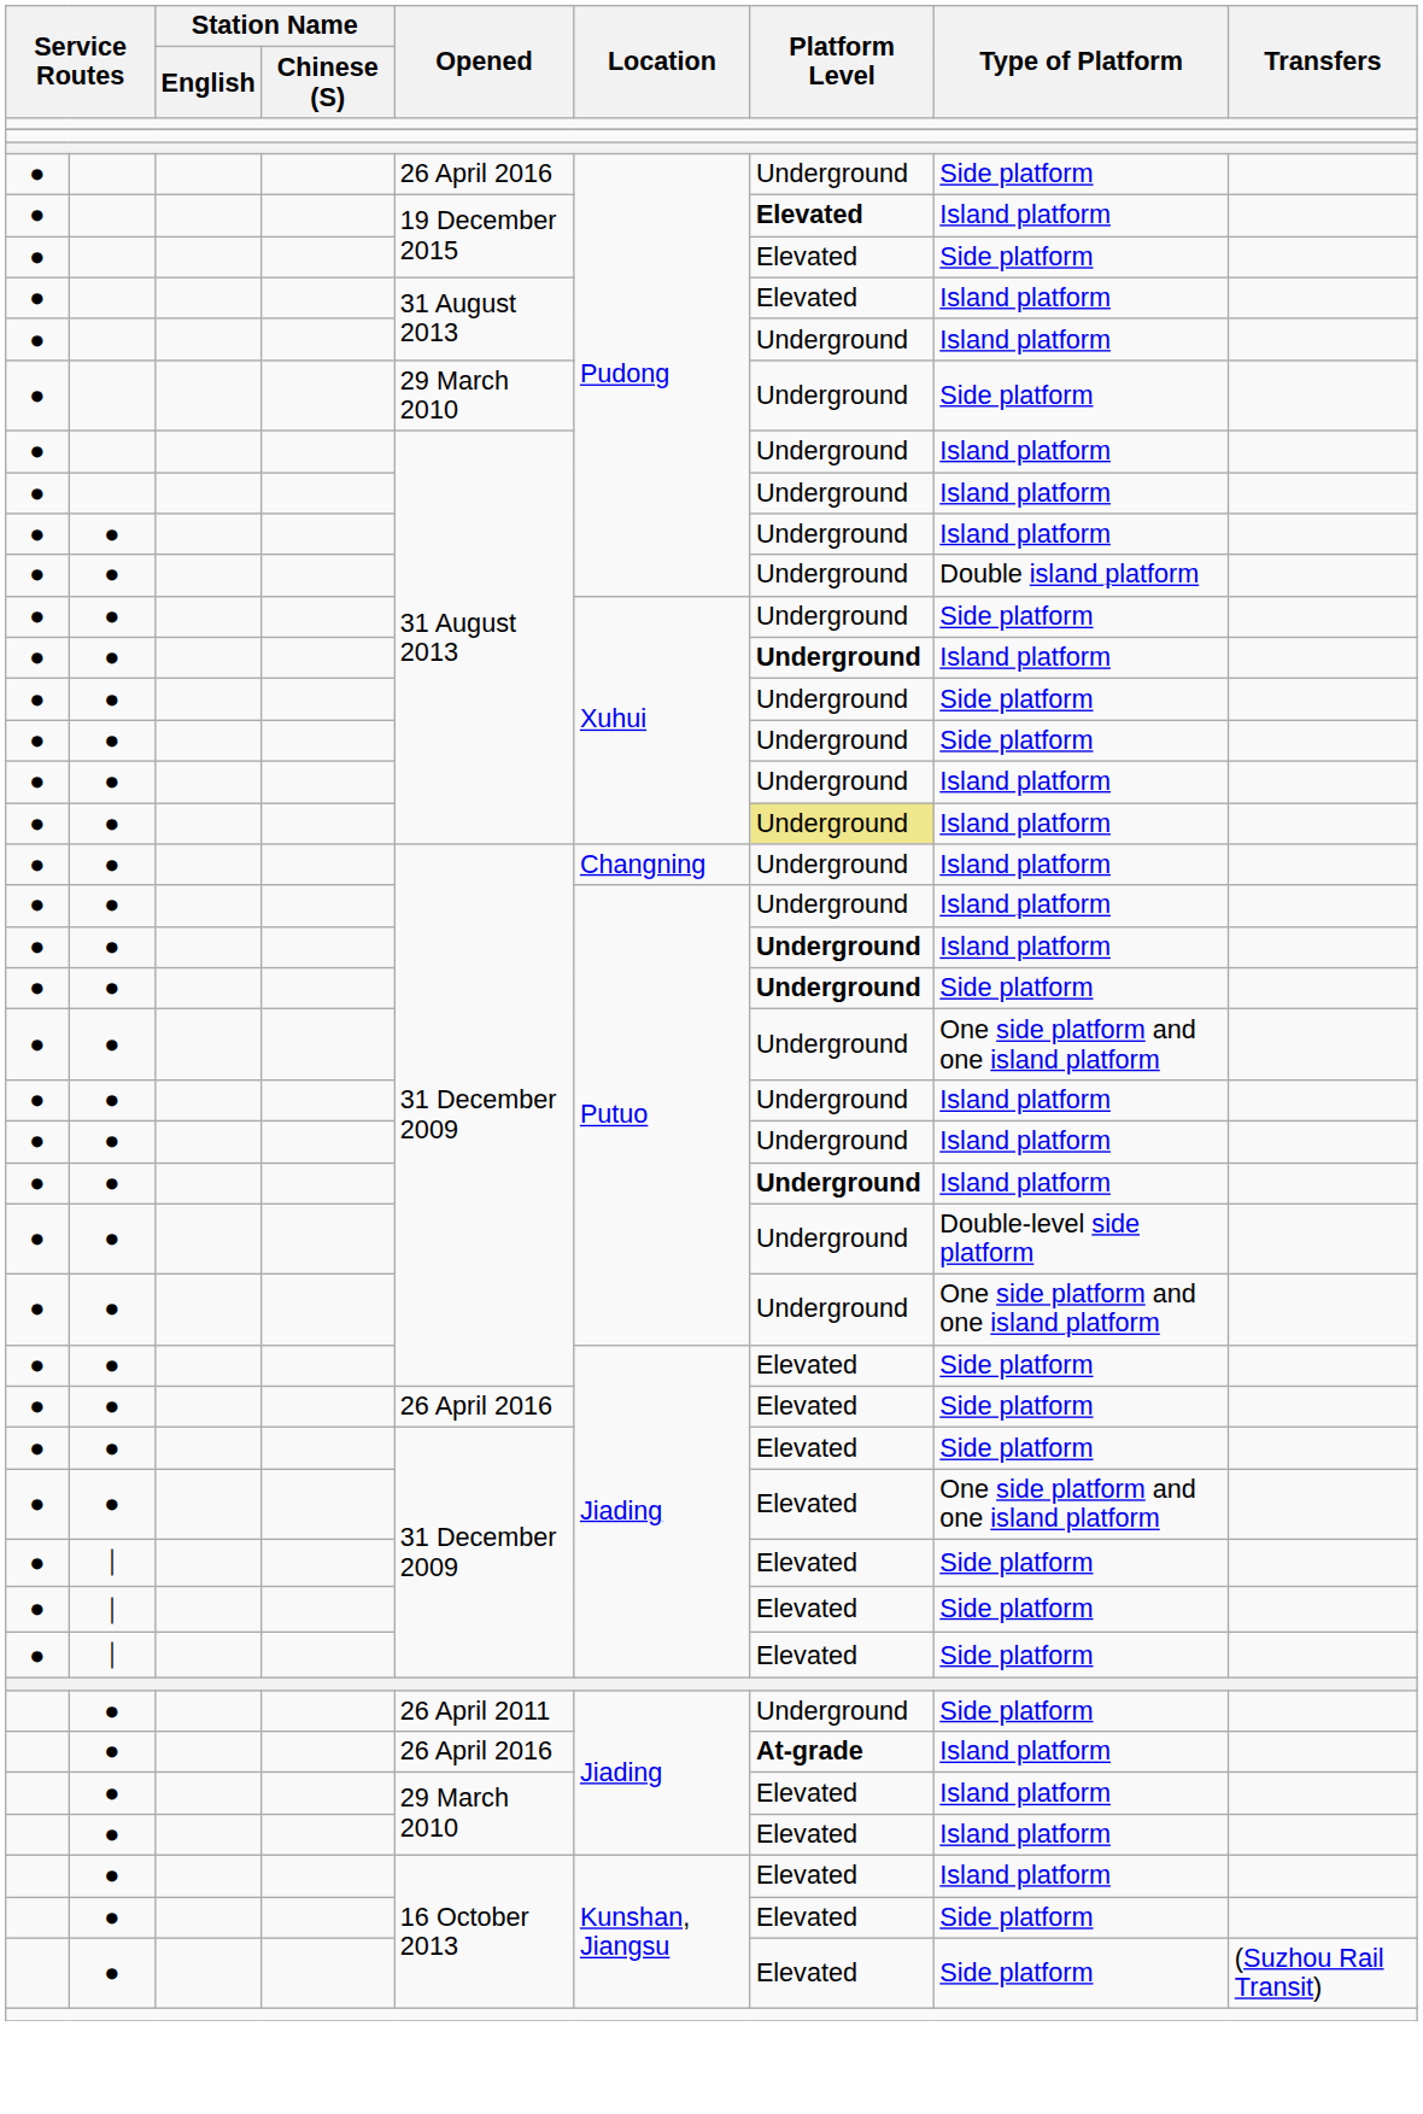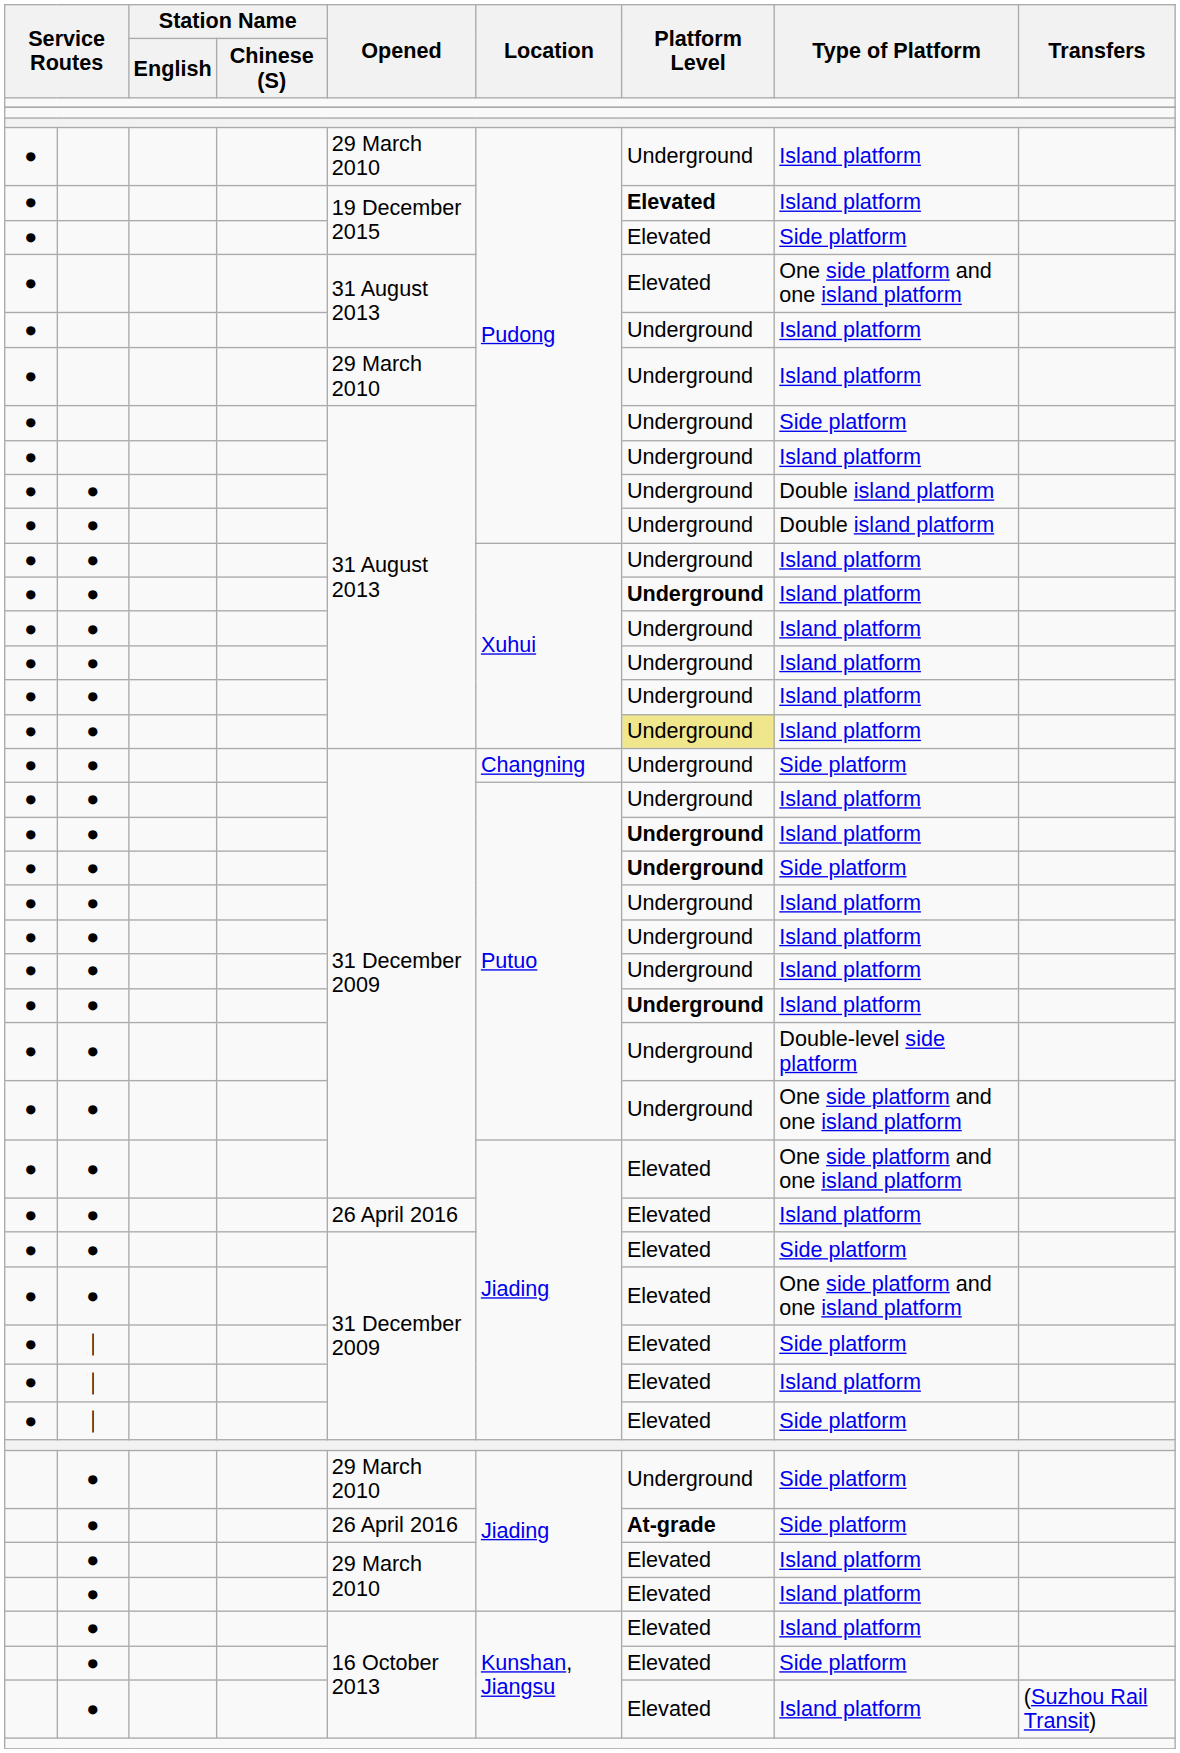 <table class=wikitable>
 <tr>
 <th colspan=2 rowspan=2 style="text-align:center;">Service Routes</th>
 <th colspan=2 style="text-align:center;">Station Name</th>
 <th rowspan=2>Opened</th>
 <th rowspan=2 style="text-align:center;">Location</th>
 <th rowspan=2>Platform Level</th>
 <th rowspan=2>Type of Platform</th>
 <th rowspan=2 style="text-align:center;">Transfers</th>
 </tr>
 <tr>
 <th>English</th>
 <th>Chinese (S)</th>
 </tr>
 <tr style=background:#>
 <td colspan=9></td>
 </tr>
 <tr>
 </tr>
 <tr style=height:0.25pt>
 <td colspan=9></td>
 </tr>
 <tr>
 <th colspan=9 style=background:#></th>
 </tr>
 <tr>
 <td align=center>●</td>
 <td align=center></td>
 <td></td>
 <td><span></span></td>
-<td>26 April 2016</td>
+<td>29 March 2010</td>
 <td rowspan=10><a href='#'>Pudong</a></td>
 <td>Underground</td>
-<td><a href='#'>Side platform</a></td>
+<td><a href='#'>Island platform</a></td>
 <td></td>
 </tr>
 <tr>
 <td align=center>●</td>
 <td align=center></td>
 <td></td>
 <td><span></span></td>
 <td rowspan=2>19 December 2015</td>
 <td><strong>Elevated</strong></td>
 <td><a href='#'>Island platform</a></td>
 <td></td>
 </tr>
 <tr>
 <td align=center>●</td>
 <td align=center></td>
 <td></td>
 <td><span></span></td>
 <td>Elevated</td>
 <td><a href='#'>Side platform</a></td>
 <td></td>
 </tr>
 <tr>
 <td align=center>●</td>
 <td align=center></td>
 <td></td>
 <td><span></span></td>
 <td rowspan=2>31 August 2013</td>
 <td>Elevated</td>
-<td><a href='#'>Island platform</a></td>
+<td>One <a href='#'>side platform</a> and one <a href='#'>island platform</a></td>
 <td></td>
 </tr>
 <tr>
 <td align=center>●</td>
 <td align=center></td>
 <td></td>
 <td><span></span></td>
 <td>Underground</td>
 <td><a href='#'>Island platform</a></td>
 <td></td>
 </tr>
 <tr>
 <td align=center>●</td>
 <td align=center></td>
 <td></td>
 <td><span></span></td>
 <td>29 March 2010</td>
 <td>Underground</td>
-<td><a href='#'>Side platform</a></td>
+<td><a href='#'>Island platform</a></td>
 <td></td>
 </tr>
 <tr>
 <td align=center>●</td>
 <td align=center></td>
 <td></td>
 <td><span></span></td>
 <td rowspan=10>31 August 2013</td>
 <td>Underground</td>
-<td><a href='#'>Island platform</a></td>
+<td><a href='#'>Side platform</a></td>
 <td></td>
 </tr>
 <tr>
 <td align=center>●</td>
 <td align=center></td>
-<td></td>
-<td><span></span></td>
-<td>Underground</td>
-<td><a href='#'>Island platform</a></td>
-<td></td>
-</tr>
-<tr>
-<td align=center>●</td>
-<td align=center>●</td>
 <td></td>
 <td><span></span></td>
 <td>Underground</td>
 <td><a href='#'>Island platform</a></td>
 <td></td>
 </tr>
 <tr>
 <td align=center>●</td>
 <td align=center>●</td>
 <td></td>
 <td><span></span></td>
 <td>Underground</td>
 <td>Double <a href='#'>island platform</a></td>
 <td></td>
 </tr>
 <tr>
 <td align=center>●</td>
 <td align=center>●</td>
 <td></td>
 <td><span></span></td>
+<td>Underground</td>
+<td>Double <a href='#'>island platform</a></td>
+<td></td>
+</tr>
+<tr>
+<td align=center>●</td>
+<td align=center>●</td>
+<td></td>
+<td><span></span></td>
 <td rowspan=6><a href='#'>Xuhui</a></td>
 <td>Underground</td>
-<td><a href='#'>Side platform</a></td>
+<td><a href='#'>Island platform</a></td>
 <td></td>
 </tr>
 <tr>
 <td align=center>●</td>
 <td align=center>●</td>
 <td></td>
 <td><span></span></td>
 <td><strong>Underground</strong></td>
 <td><a href='#'>Island platform</a></td>
 <td></td>
 </tr>
 <tr>
 <td align=center>●</td>
 <td align=center>●</td>
 <td></td>
 <td><span></span></td>
 <td>Underground</td>
-<td><a href='#'>Side platform</a></td>
+<td><a href='#'>Island platform</a></td>
 <td></td>
 </tr>
 <tr>
 <td align=center>●</td>
 <td align=center>●</td>
 <td></td>
 <td><span></span></td>
 <td>Underground</td>
-<td><a href='#'>Side platform</a></td>
+<td><a href='#'>Island platform</a></td>
 <td></td>
 </tr>
 <tr>
 <td align=center>●</td>
 <td align=center>●</td>
 <td></td>
 <td><span></span></td>
 <td>Underground</td>
 <td><a href='#'>Island platform</a></td>
 <td></td>
 </tr>
 <tr>
 <td align=center>●</td>
 <td align=center>●</td>
 <td></td>
 <td><span></span></td>
 <td style="background: khaki;">Underground</td>
 <td><a href='#'>Island platform</a></td>
 <td></td>
 </tr>
 <tr>
 <td align=center>●</td>
 <td align=center>●</td>
 <td></td>
 <td><span></span></td>
 <td rowspan=11>31 December 2009</td>
 <td><a href='#'>Changning</a></td>
 <td>Underground</td>
-<td><a href='#'>Island platform</a></td>
+<td><a href='#'>Side platform</a></td>
 <td></td>
 </tr>
 <tr>
 <td align=center>●</td>
 <td align=center>●</td>
 <td></td>
 <td><span></span></td>
 <td rowspan=9><a href='#'>Putuo</a></td>
 <td>Underground</td>
 <td><a href='#'>Island platform</a></td>
 <td></td>
 </tr>
 <tr>
 <td align=center>●</td>
 <td align=center>●</td>
 <td></td>
 <td><span></span></td>
 <td><strong>Underground</strong></td>
 <td><a href='#'>Island platform</a></td>
 <td> </td>
 </tr>
 <tr>
 <td align=center>●</td>
 <td align=center>●</td>
 <td></td>
 <td><span></span></td>
 <td><strong>Underground</strong></td>
 <td><a href='#'>Side platform</a></td>
 <td></td>
 </tr>
 <tr>
 <td align=center>●</td>
 <td align=center>●</td>
 <td></td>
 <td><span></span></td>
 <td>Underground</td>
-<td>One <a href='#'>side platform</a> and one <a href='#'>island platform</a></td>
+<td><a href='#'>Island platform</a></td>
 <td></td>
 </tr>
 <tr>
 <td align=center>●</td>
 <td align=center>●</td>
 <td></td>
 <td><span></span></td>
 <td>Underground</td>
 <td><a href='#'>Island platform</a></td>
 <td> </td>
 </tr>
 <tr>
 <td align=center>●</td>
 <td align=center>●</td>
 <td></td>
 <td><span></span></td>
 <td>Underground</td>
 <td><a href='#'>Island platform</a></td>
 <td></td>
 </tr>
 <tr>
 <td align=center>●</td>
 <td align=center>●</td>
 <td></td>
 <td><span></span></td>
 <td><strong>Underground</strong></td>
 <td><a href='#'>Island platform</a></td>
 <td></td>
 </tr>
 <tr>
 <td align=center>●</td>
 <td align=center>●</td>
 <td></td>
 <td><span></span></td>
 <td>Underground</td>
 <td>Double-level <a href='#'>side platform</a></td>
 <td></td>
 </tr>
 <tr>
 <td align=center>●</td>
 <td align=center>●</td>
 <td></td>
 <td><span></span></td>
 <td>Underground</td>
 <td>One <a href='#'>side platform</a> and one <a href='#'>island platform</a></td>
 <td></td>
 </tr>
 <tr>
 <td align=center>●</td>
 <td align=center>●</td>
 <td></td>
 <td><span></span></td>
 <td rowspan=7><a href='#'>Jiading</a></td>
 <td>Elevated</td>
-<td><a href='#'>Side platform</a></td>
+<td>One <a href='#'>side platform</a> and one <a href='#'>island platform</a></td>
 <td></td>
 </tr>
 <tr>
 <td align=center>●</td>
 <td align=center>●</td>
 <td></td>
 <td><span></span></td>
 <td>26 April 2016</td>
 <td>Elevated</td>
-<td><a href='#'>Side platform</a></td>
+<td><a href='#'>Island platform</a></td>
 <td></td>
 </tr>
 <tr>
 <td align=center>●</td>
 <td align=center>●</td>
 <td></td>
 <td><span></span></td>
 <td rowspan=5>31 December 2009</td>
 <td>Elevated</td>
 <td><a href='#'>Side platform</a></td>
 <td></td>
 </tr>
 <tr>
 <td align=center>●</td>
 <td align=center>●</td>
 <td></td>
 <td><span></span></td>
 <td>Elevated</td>
 <td>One <a href='#'>side platform</a> and one <a href='#'>island platform</a></td>
 <td></td>
 </tr>
 <tr>
 <td align=center>●</td>
 <td align=center>｜</td>
 <td></td>
 <td><span></span></td>
 <td>Elevated</td>
 <td><a href='#'>Side platform</a></td>
 <td></td>
 </tr>
 <tr>
 <td align=center>●</td>
 <td align=center>｜</td>
 <td></td>
 <td><span></span></td>
 <td>Elevated</td>
-<td><a href='#'>Side platform</a></td>
+<td><a href='#'>Island platform</a></td>
 <td></td>
 </tr>
 <tr>
 <td align=center>●</td>
 <td align=center>｜</td>
 <td></td>
 <td><span></span></td>
 <td>Elevated</td>
 <td><a href='#'>Side platform</a></td>
 <td></td>
 </tr>
 <tr style=background:#>
 <th colspan=9 style=background:#></th>
 </tr>
 <tr>
 <td align=center></td>
 <td align=center>●</td>
 <td></td>
 <td><span></span></td>
-<td>26 April 2011</td>
+<td>29 March 2010</td>
 <td rowspan=4><a href='#'>Jiading</a></td>
 <td>Underground</td>
 <td><a href='#'>Side platform</a></td>
 <td></td>
 </tr>
 <tr>
 <td align=center></td>
 <td align=center>●</td>
 <td></td>
 <td><span></span></td>
 <td>26 April 2016</td>
 <td><strong>At-grade</strong></td>
-<td><a href='#'>Island platform</a></td>
+<td><a href='#'>Side platform</a></td>
 <td></td>
 </tr>
 <tr>
 <td align=center></td>
 <td align=center>●</td>
 <td></td>
 <td><span></span></td>
 <td rowspan=2>29 March 2010</td>
 <td>Elevated</td>
 <td><a href='#'>Island platform</a></td>
 <td></td>
 </tr>
 <tr>
 <td align=center></td>
 <td align=center>●</td>
 <td></td>
 <td><span></span></td>
 <td>Elevated</td>
 <td><a href='#'>Island platform</a></td>
 <td></td>
 </tr>
 <tr>
 <td align=center></td>
 <td align=center>●</td>
 <td></td>
 <td><span></span></td>
 <td rowspan=3>16 October 2013</td>
 <td rowspan=3><a href='#'>Kunshan</a>, <a href='#'>Jiangsu</a></td>
 <td>Elevated</td>
 <td><a href='#'>Island platform</a></td>
 <td></td>
 </tr>
 <tr>
 <td align=center></td>
 <td align=center>●</td>
 <td></td>
 <td><span></span></td>
 <td>Elevated</td>
 <td><a href='#'>Side platform</a></td>
 <td></td>
 </tr>
 <tr>
 <td align=center></td>
 <td align=center>●</td>
 <td></td>
 <td><span></span></td>
 <td>Elevated</td>
-<td><a href='#'>Side platform</a></td>
+<td><a href='#'>Island platform</a></td>
 <td> (<a href='#'>Suzhou Rail Transit</a>)</td>
 </tr>
 <tr style=background:#>
 <td colspan=9></td>
 </tr>
 </table>
